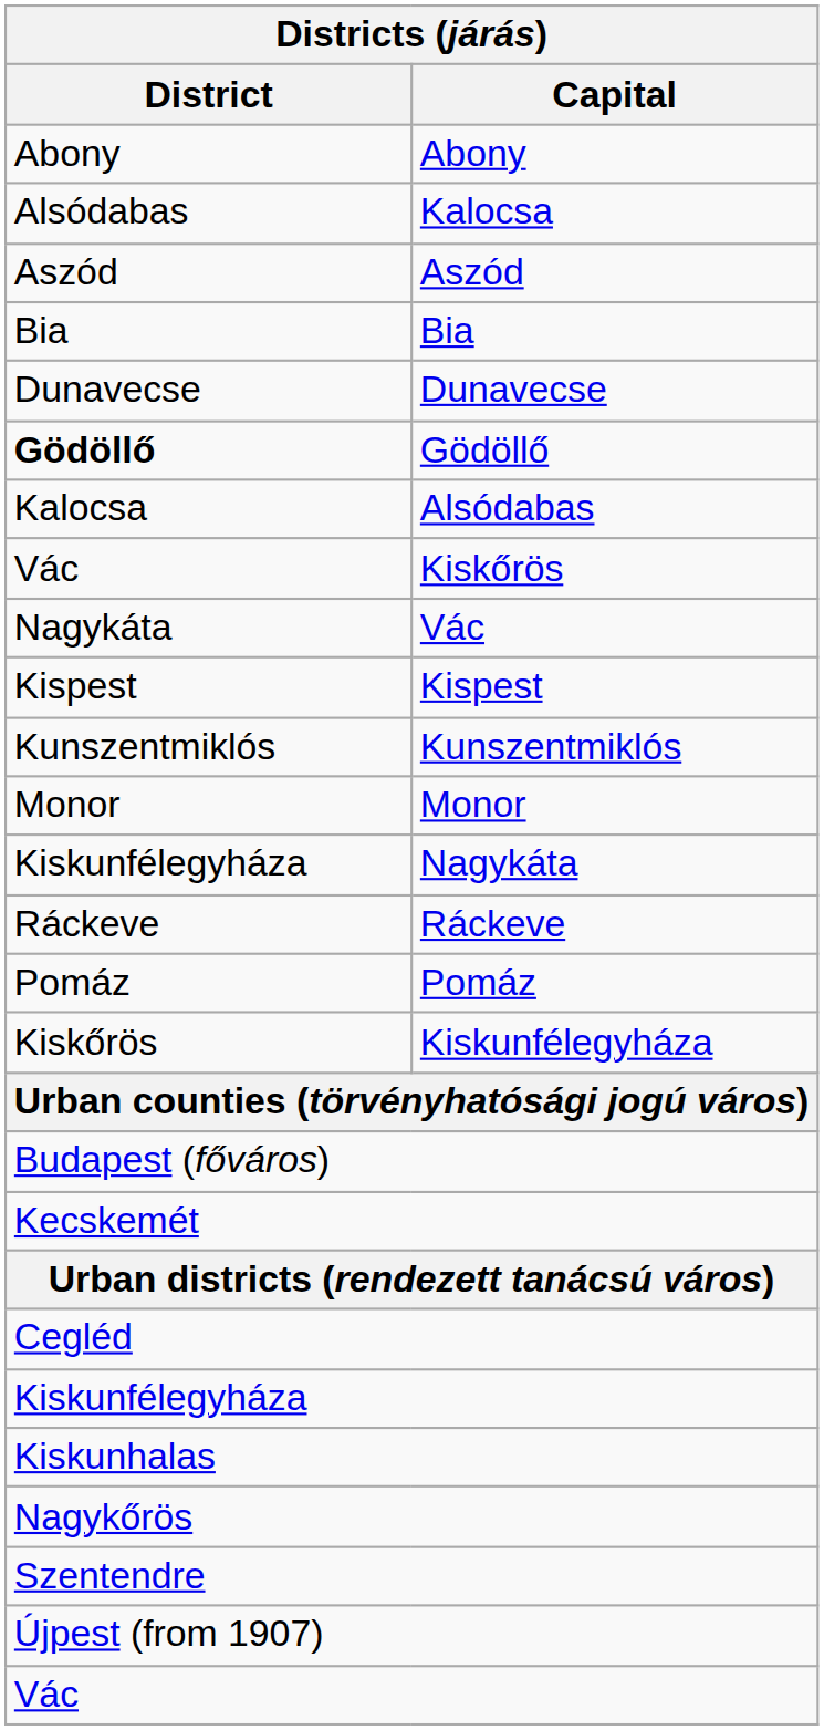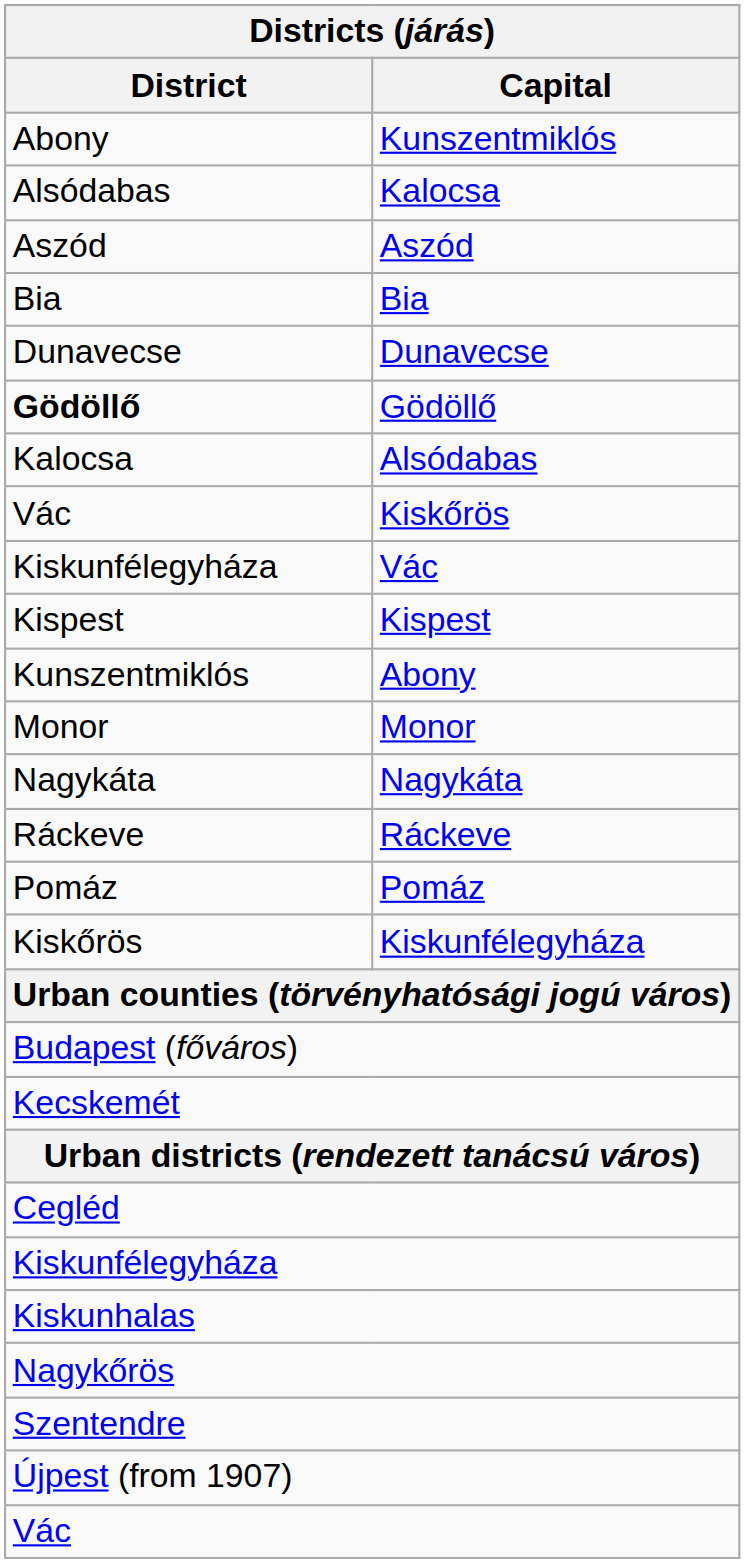 <table class="wikitable">
 <tr>
 <th colspan=2>Districts (<em>járás</em>)</th>
 </tr>
 <tr>
 <th>District</th>
 <th>Capital</th>
 </tr>
 <tr>
 <td>Abony</td>
-<td><a href='#'>Abony</a></td>
+<td><a href='#'>Kunszentmiklós</a></td>
 </tr>
 <tr>
 <td>Alsódabas</td>
 <td><a href='#'>Kalocsa</a></td>
 </tr>
 <tr>
 <td>Aszód</td>
 <td><a href='#'>Aszód</a></td>
 </tr>
 <tr>
 <td>Bia</td>
 <td><a href='#'>Bia</a></td>
 </tr>
 <tr>
 <td>Dunavecse</td>
 <td><a href='#'>Dunavecse</a></td>
 </tr>
 <tr>
 <td><strong>Gödöllő</strong></td>
 <td><a href='#'>Gödöllő</a></td>
 </tr>
 <tr>
 <td>Kalocsa</td>
 <td><a href='#'>Alsódabas</a></td>
 </tr>
 <tr>
 <td>Vác</td>
 <td><a href='#'>Kiskőrös</a></td>
 </tr>
 <tr>
-<td>Nagykáta</td>
+<td>Kiskunfélegyháza</td>
 <td><a href='#'>Vác</a></td>
 </tr>
 <tr>
 <td>Kispest</td>
 <td><a href='#'>Kispest</a></td>
 </tr>
 <tr>
 <td>Kunszentmiklós</td>
-<td><a href='#'>Kunszentmiklós</a></td>
+<td><a href='#'>Abony</a></td>
 </tr>
 <tr>
 <td>Monor</td>
 <td><a href='#'>Monor</a></td>
 </tr>
 <tr>
-<td>Kiskunfélegyháza</td>
+<td>Nagykáta</td>
 <td><a href='#'>Nagykáta</a></td>
 </tr>
 <tr>
 <td>Ráckeve</td>
 <td><a href='#'>Ráckeve</a></td>
 </tr>
 <tr>
 <td>Pomáz</td>
 <td><a href='#'>Pomáz</a></td>
 </tr>
 <tr>
 <td>Kiskőrös</td>
 <td><a href='#'>Kiskunfélegyháza</a></td>
 </tr>
 <tr>
 <th colspan=2>Urban counties (<em>törvényhatósági jogú város</em>)</th>
 </tr>
 <tr>
 <td colspan=2><a href='#'>Budapest</a> (<em>főváros</em>)</td>
 </tr>
 <tr>
 <td colspan=2><a href='#'>Kecskemét</a></td>
 </tr>
 <tr>
 <th colspan=2>Urban districts (<em>rendezett tanácsú város</em>)</th>
 </tr>
 <tr>
 <td colspan=2><a href='#'>Cegléd</a></td>
 </tr>
 <tr>
 <td colspan=2><a href='#'>Kiskunfélegyháza</a></td>
 </tr>
 <tr>
 <td colspan=2><a href='#'>Kiskunhalas</a></td>
 </tr>
 <tr>
 <td colspan=2><a href='#'>Nagykőrös</a></td>
 </tr>
 <tr>
 <td colspan=2><a href='#'>Szentendre</a></td>
 </tr>
 <tr>
 <td colspan=2><a href='#'>Újpest</a> (from 1907)</td>
 </tr>
 <tr>
 <td colspan=2><a href='#'>Vác</a></td>
 </tr>
 </table>
